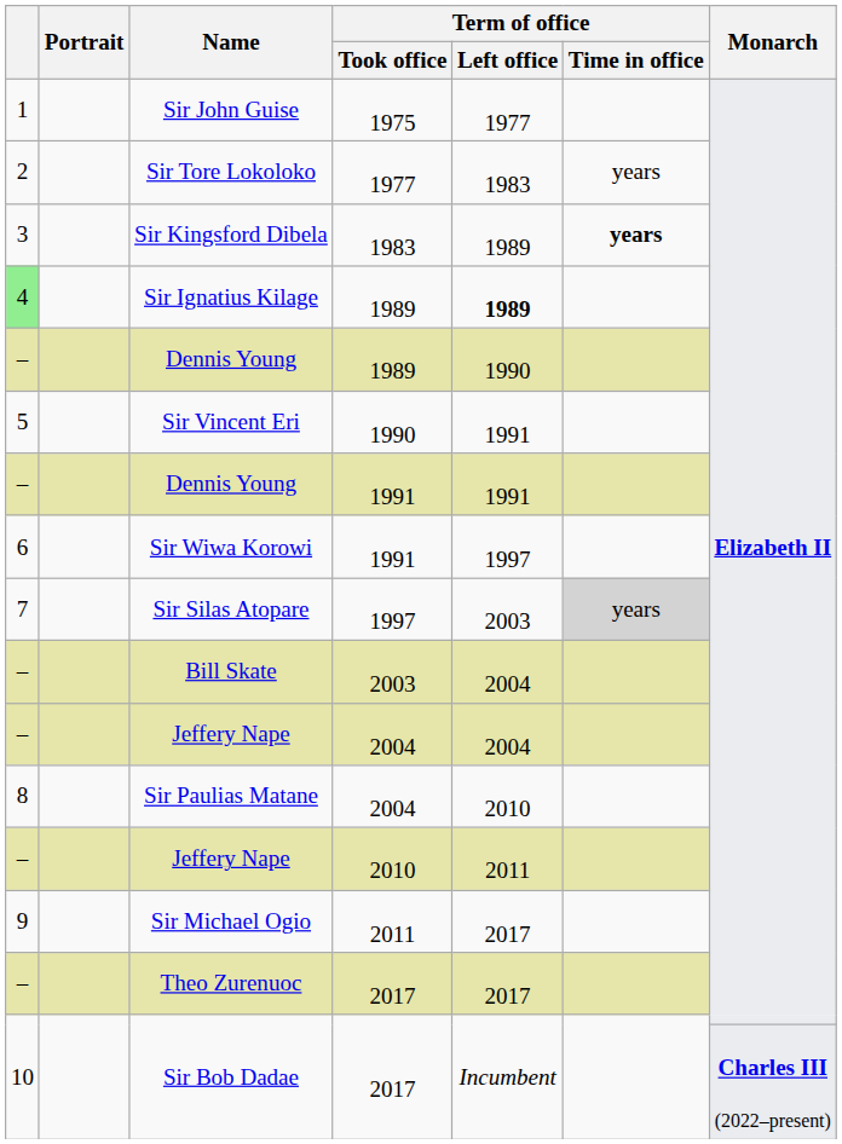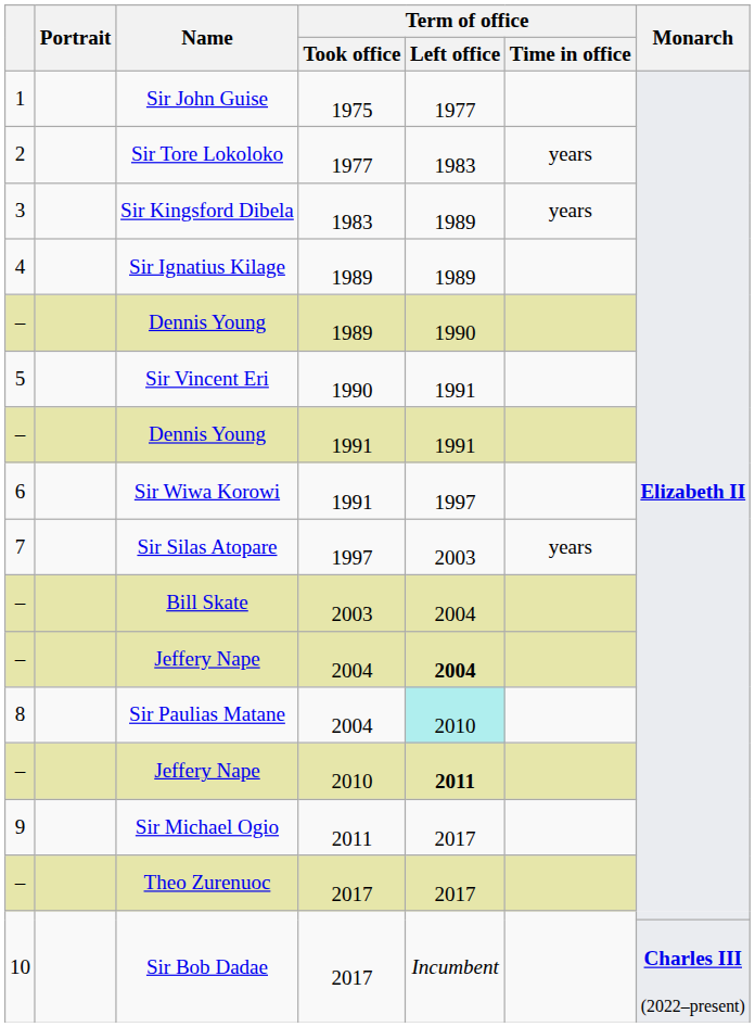 <table class="wikitable" style="text-align:center;">
 <tr>
 <th rowspan="2"></th>
 <th rowspan="2">Portrait</th>
 <th rowspan="2">Name<br></th>
 <th colspan="3">Term of office</th>
 <th rowspan="2">Monarch<br></th>
 </tr>
 <tr>
 <th>Took office</th>
 <th>Left office</th>
 <th>Time in office</th>
 </tr>
 <tr>
 <td>1</td>
 <td></td>
 <td><a href='#'>Sir John Guise</a><br></td>
 <td><br>1975</td>
 <td><br>1977</td>
 <td></td>
 <td rowspan="15" style="background:#eaecf0; border-style: solid solid none solid ;"><br><strong><a href='#'>Elizabeth II</a></strong><br><br></td>
 </tr>
 <tr>
 <td>2</td>
 <td></td>
 <td><a href='#'>Sir Tore Lokoloko</a><br></td>
 <td><br>1977</td>
 <td><br>1983</td>
 <td> years</td>
 </tr>
 <tr>
 <td>3</td>
 <td></td>
 <td><a href='#'>Sir Kingsford Dibela</a><br></td>
 <td><br>1983</td>
 <td><br>1989</td>
-<td><strong> years</strong></td>
+<td> years</td>
 </tr>
 <tr>
-<td style="background: lightgreen;">4</td>
+<td>4</td>
 <td></td>
 <td><a href='#'>Sir Ignatius Kilage</a><br></td>
 <td><br>1989</td>
-<td><strong><br>1989</strong></td>
+<td><br>1989</td>
 <td></td>
 </tr>
 <tr style="background:#e6e6aa;">
 <td>–</td>
 <td></td>
 <td><a href='#'>Dennis Young</a><br></td>
 <td><br>1989</td>
 <td><br>1990</td>
 <td></td>
 </tr>
 <tr>
 <td>5</td>
 <td></td>
 <td><a href='#'>Sir Vincent Eri</a><br></td>
 <td><br>1990</td>
 <td><br>1991</td>
 <td></td>
 </tr>
 <tr style="background:#e6e6aa;">
 <td>–</td>
 <td></td>
 <td><a href='#'>Dennis Young</a><br></td>
 <td><br>1991</td>
 <td><br>1991</td>
 <td></td>
 </tr>
 <tr>
 <td>6</td>
 <td></td>
 <td><a href='#'>Sir Wiwa Korowi</a><br></td>
 <td><br>1991</td>
 <td><br>1997</td>
 <td></td>
 </tr>
 <tr>
 <td>7</td>
 <td></td>
 <td><a href='#'>Sir Silas Atopare</a><br></td>
 <td><br>1997</td>
 <td><br>2003</td>
-<td style="background: lightgrey;"> years</td>
+<td> years</td>
 </tr>
 <tr style="background:#e6e6aa;">
 <td>–</td>
 <td></td>
 <td><a href='#'>Bill Skate</a><br></td>
 <td><br>2003</td>
 <td><br>2004</td>
 <td></td>
 </tr>
 <tr style="background:#e6e6aa;">
 <td>–</td>
 <td></td>
 <td><a href='#'>Jeffery Nape</a><br></td>
 <td><br>2004</td>
-<td><br>2004</td>
+<td><strong><br>2004</strong></td>
 <td></td>
 </tr>
 <tr>
 <td>8</td>
 <td></td>
 <td><a href='#'>Sir Paulias Matane</a><br></td>
 <td><br>2004</td>
-<td><br>2010</td>
+<td style="background: paleturquoise;"><br>2010</td>
 <td></td>
 </tr>
 <tr style="background:#e6e6aa;">
 <td>–</td>
 <td></td>
 <td><a href='#'>Jeffery Nape</a><br></td>
 <td><br>2010</td>
-<td><br>2011</td>
+<td><strong><br>2011</strong></td>
 <td></td>
 </tr>
 <tr>
 <td>9</td>
 <td></td>
 <td><a href='#'>Sir Michael Ogio</a><br></td>
 <td><br>2011</td>
 <td><br>2017</td>
 <td></td>
 </tr>
 <tr style="background:#e6e6aa;">
 <td>–</td>
 <td></td>
 <td><a href='#'>Theo Zurenuoc</a><br></td>
 <td><br>2017</td>
 <td><br>2017</td>
 <td></td>
 </tr>
 <tr>
 <td rowspan=2>10</td>
 <td rowspan=2></td>
 <td rowspan=2><a href='#'>Sir Bob Dadae</a><br></td>
 <td rowspan=2><br>2017</td>
 <td rowspan=2><em>Incumbent</em></td>
 <td rowspan=2></td>
 <td style="background:#eaecf0 ; border-style: none solid solid solid ;"></td>
 </tr>
 <tr>
 <td style="background:#eaecf0"><br><strong><a href='#'>Charles III</a></strong><br><br><small>(2022–present)</small></td>
 </tr>
 </table>
